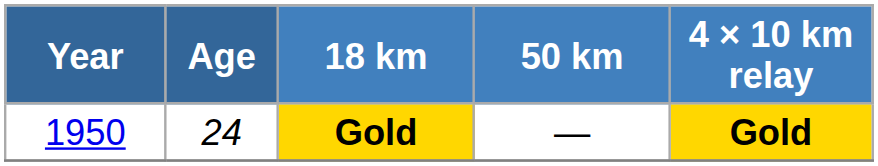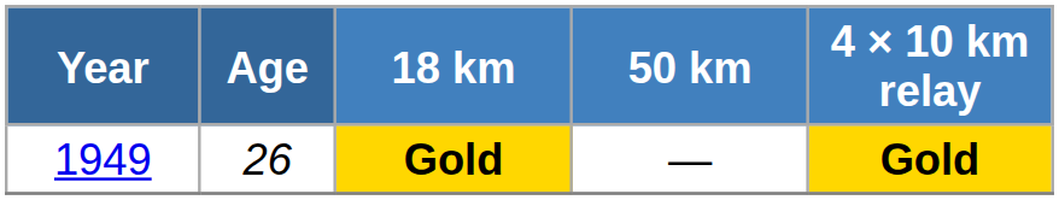 <table class="wikitable" style="font-size:95%; text-align:center; border:grey solid 1px; border-collapse:collapse; background:#ffffff;">
 <tr>
 <th style="background-color:#369; color:white; width:60px;"> Year </th>
 <th style="background-color:#369; color:white; width:40px;"> Age </th>
 <th style="background-color:#4180be; color:white; width:75px;"> 18 km </th>
 <th style="background-color:#4180be; color:white; width:75px;"> 50 km </th>
 <th style="background-color:#4180be; color:white; width:75px;"> 4 × 10 km <br> relay </th>
 </tr>
 <tr>
-<td><a href='#'>1950</a></td>
-<td><em>24</em></td>
+<td><a href='#'>1949</a></td>
+<td><em>26</em></td>
 <td style="background:gold;"><strong>Gold</strong></td>
 <td>—</td>
 <td style="background:gold;"><strong>Gold</strong></td>
 </tr>
 <tr>
 </tr>
 </table>
